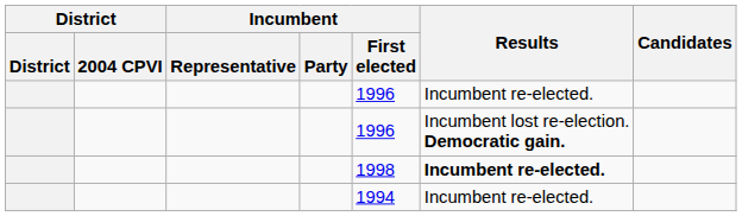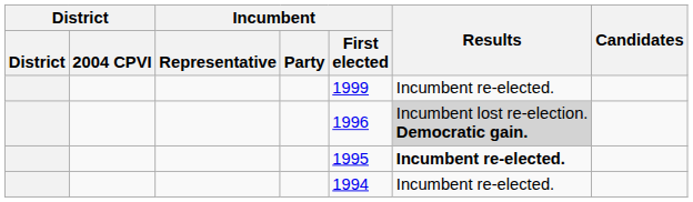 <table class="wikitable sortable">
 <tr>
 <th colspan=2>District</th>
 <th colspan=3>Incumbent</th>
 <th rowspan=2>Results</th>
 <th rowspan=2>Candidates</th>
 </tr>
 <tr valign=bottom>
 <th>District</th>
 <th>2004 CPVI</th>
 <th>Representative</th>
 <th>Party</th>
 <th>First<br>elected</th>
 </tr>
 <tr>
 <th></th>
 <td></td>
 <td></td>
 <td></td>
-<td><a href='#'>1996</a></td>
+<td><a href='#'>1999</a></td>
 <td>Incumbent re-elected.</td>
 <td nowrap></td>
 </tr>
 <tr>
 <th></th>
 <td></td>
 <td></td>
 <td></td>
 <td><a href='#'>1996</a></td>
-<td>Incumbent lost re-election.<br><strong>Democratic gain.</strong></td>
+<td style="background: lightgrey;">Incumbent lost re-election.<br><strong>Democratic gain.</strong></td>
 <td nowrap></td>
 </tr>
 <tr>
 <th></th>
 <td></td>
 <td></td>
 <td></td>
-<td><a href='#'>1998</a></td>
+<td><a href='#'>1995</a></td>
 <td><strong>Incumbent re-elected.</strong></td>
 <td nowrap></td>
 </tr>
 <tr>
 <th></th>
 <td></td>
 <td></td>
 <td></td>
 <td><a href='#'>1994</a></td>
 <td>Incumbent re-elected.</td>
 <td nowrap></td>
 </tr>
 </table>
